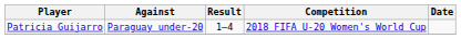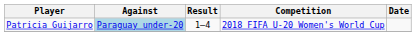 <table class="wikitable sortable plainrowheaders">
 <tr>
 <th scope="col">Player</th>
 <th scope="col">Against</th>
 <th scope="col" align="center">Result</th>
 <th scope="col">Competition</th>
 <th scope="col">Date</th>
 </tr>
 <tr>
 <td><a href='#'>Patricia Guijarro</a></td>
-<td> <a href='#'>Paraguay under-20</a></td>
+<td style="background: lightblue;"> <a href='#'>Paraguay under-20</a></td>
 <td align="center">1–4</td>
 <td><a href='#'>2018 FIFA U-20 Women's World Cup</a></td>
 <td></td>
 </tr>
 <tr>
 </tr>
 </table>
